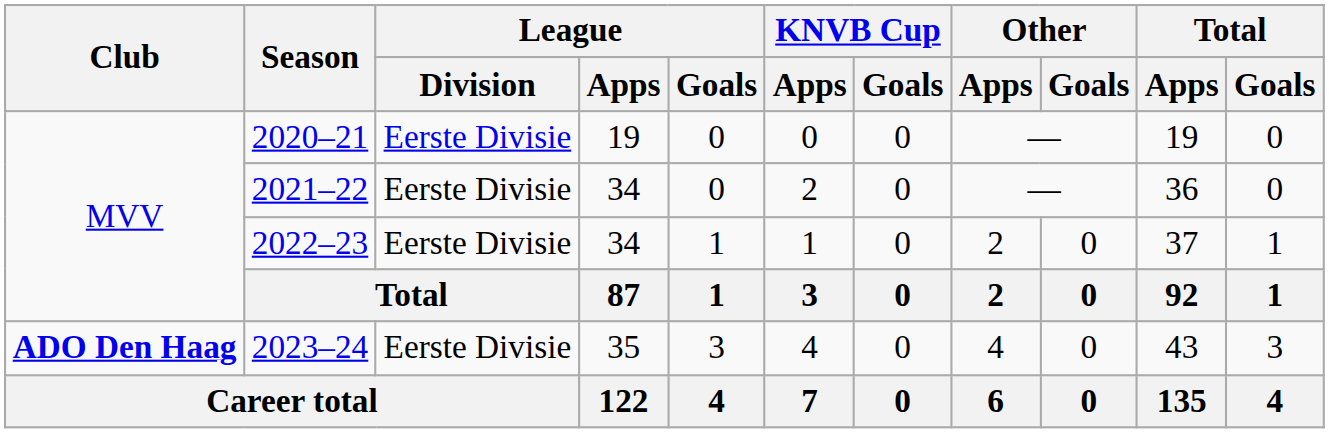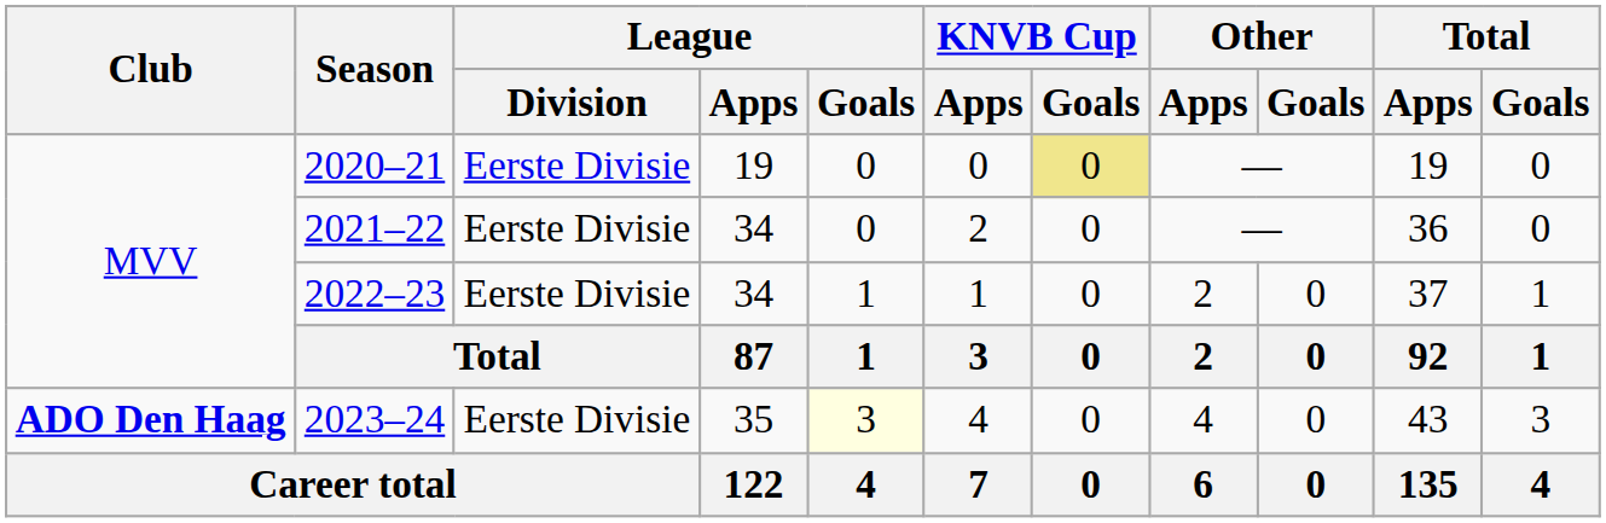 <table class="wikitable" style="text-align:center">
 <tr>
 <th rowspan="2">Club</th>
 <th rowspan="2">Season</th>
 <th colspan="3">League</th>
 <th colspan="2"><a href='#'>KNVB Cup</a></th>
 <th colspan="2">Other</th>
 <th colspan="2">Total</th>
 </tr>
 <tr>
 <th>Division</th>
 <th>Apps</th>
 <th>Goals</th>
 <th>Apps</th>
 <th>Goals</th>
 <th>Apps</th>
 <th>Goals</th>
 <th>Apps</th>
 <th>Goals</th>
 </tr>
 <tr>
 <td rowspan="4"><a href='#'>MVV</a></td>
 <td><a href='#'>2020–21</a></td>
 <td><a href='#'>Eerste Divisie</a></td>
 <td>19</td>
 <td>0</td>
 <td>0</td>
-<td>0</td>
+<td style="background: khaki;">0</td>
 <td colspan="2">—</td>
 <td>19</td>
 <td>0</td>
 </tr>
 <tr>
 <td><a href='#'>2021–22</a></td>
 <td>Eerste Divisie</td>
 <td>34</td>
 <td>0</td>
 <td>2</td>
 <td>0</td>
 <td colspan="2">—</td>
 <td>36</td>
 <td>0</td>
 </tr>
 <tr>
 <td><a href='#'>2022–23</a></td>
 <td>Eerste Divisie</td>
 <td>34</td>
 <td>1</td>
 <td>1</td>
 <td>0</td>
 <td>2</td>
 <td>0</td>
 <td>37</td>
 <td>1</td>
 </tr>
 <tr>
 <th colspan="2">Total</th>
 <th>87</th>
 <th>1</th>
 <th>3</th>
 <th>0</th>
 <th>2</th>
 <th>0</th>
 <th>92</th>
 <th>1</th>
 </tr>
 <tr>
 <td rowspan="1"><strong><a href='#'>ADO Den Haag</a></strong></td>
 <td><a href='#'>2023–24</a></td>
 <td>Eerste Divisie</td>
 <td>35</td>
-<td>3</td>
+<td style="background: lightyellow;">3</td>
 <td>4</td>
 <td>0</td>
 <td>4</td>
 <td>0</td>
 <td>43</td>
 <td>3</td>
 </tr>
 <tr>
 <th colspan="3">Career total</th>
 <th>122</th>
 <th>4</th>
 <th>7</th>
 <th>0</th>
 <th>6</th>
 <th>0</th>
 <th>135</th>
 <th>4</th>
 </tr>
 </table>
